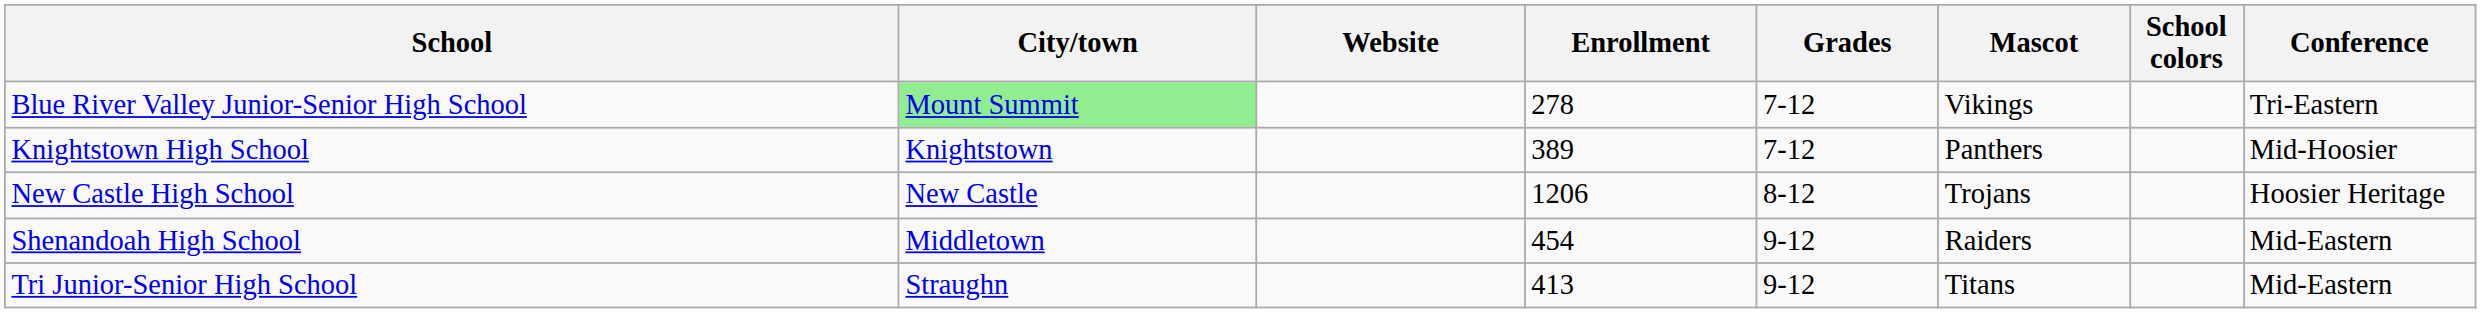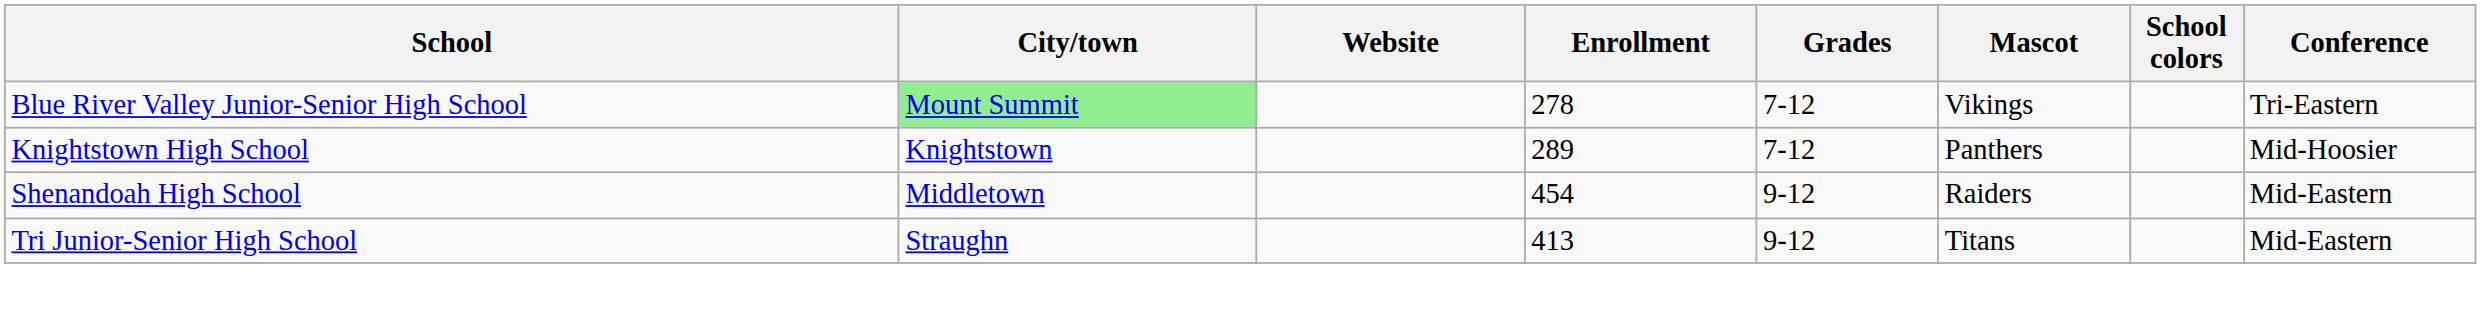 <table class="wikitable sortable" width="70%">
 <tr>
 <th width="20%">School</th>
 <th width="08%">City/town</th>
 <th width="06%">Website</th>
 <th width="04%">Enrollment</th>
 <th width="04%">Grades</th>
 <th width="04%">Mascot</th>
 <th width=01%>School colors</th>
 <th width="04%">Conference</th>
 </tr>
 <tr>
 <td><a href='#'>Blue River Valley Junior-Senior High School</a></td>
 <td style="background: lightgreen;"><a href='#'>Mount Summit</a></td>
 <td></td>
 <td>278</td>
 <td>7-12</td>
 <td>Vikings</td>
 <td> </td>
 <td>Tri-Eastern</td>
 </tr>
 <tr>
 <td><a href='#'>Knightstown High School</a></td>
 <td><a href='#'>Knightstown</a></td>
 <td></td>
-<td>389</td>
+<td>289</td>
 <td>7-12</td>
 <td>Panthers</td>
 <td> </td>
 <td>Mid-Hoosier</td>
-</tr>
-<tr>
-<td><a href='#'>New Castle High School</a></td>
-<td><a href='#'>New Castle</a></td>
-<td></td>
-<td>1206</td>
-<td>8-12</td>
-<td>Trojans</td>
-<td> </td>
-<td>Hoosier Heritage</td>
 </tr>
 <tr>
 <td><a href='#'>Shenandoah High School</a></td>
 <td><a href='#'>Middletown</a></td>
 <td></td>
 <td>454</td>
 <td>9-12</td>
 <td>Raiders</td>
 <td> </td>
 <td>Mid-Eastern</td>
 </tr>
 <tr>
 <td><a href='#'>Tri Junior-Senior High School</a></td>
 <td><a href='#'>Straughn</a></td>
 <td></td>
 <td>413</td>
 <td>9-12</td>
 <td>Titans</td>
 <td> </td>
 <td>Mid-Eastern</td>
 </tr>
 </table>
